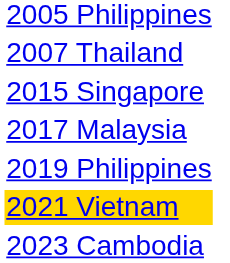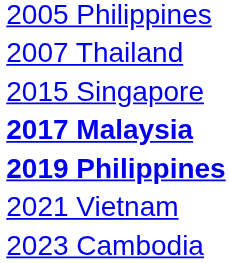 <table>
 <tr>
 <td><a href='#'>2005 Philippines</a><br></td>
 <td></td>
 <td></td>
 <td></td>
 </tr>
 <tr>
 <td><a href='#'>2007 Thailand</a><br></td>
 <td></td>
 <td></td>
 <td></td>
 </tr>
 <tr>
 <td><a href='#'>2015 Singapore</a><br></td>
 <td></td>
 <td></td>
 <td></td>
 </tr>
 <tr>
-<td><a href='#'>2017 Malaysia</a><br></td>
+<td><strong><a href='#'>2017 Malaysia</a><br></strong></td>
 <td></td>
 <td></td>
 <td></td>
 </tr>
 <tr>
-<td><a href='#'>2019 Philippines</a><br></td>
+<td><strong><a href='#'>2019 Philippines</a><br></strong></td>
 <td></td>
 <td></td>
 <td></td>
 </tr>
 <tr>
-<td style="background: gold;"><a href='#'>2021 Vietnam</a><br></td>
+<td><a href='#'>2021 Vietnam</a><br></td>
 <td></td>
 <td></td>
 <td></td>
 </tr>
 <tr>
 <td><a href='#'>2023 Cambodia</a><br></td>
 <td></td>
 <td></td>
 <td></td>
 </tr>
 </table>
